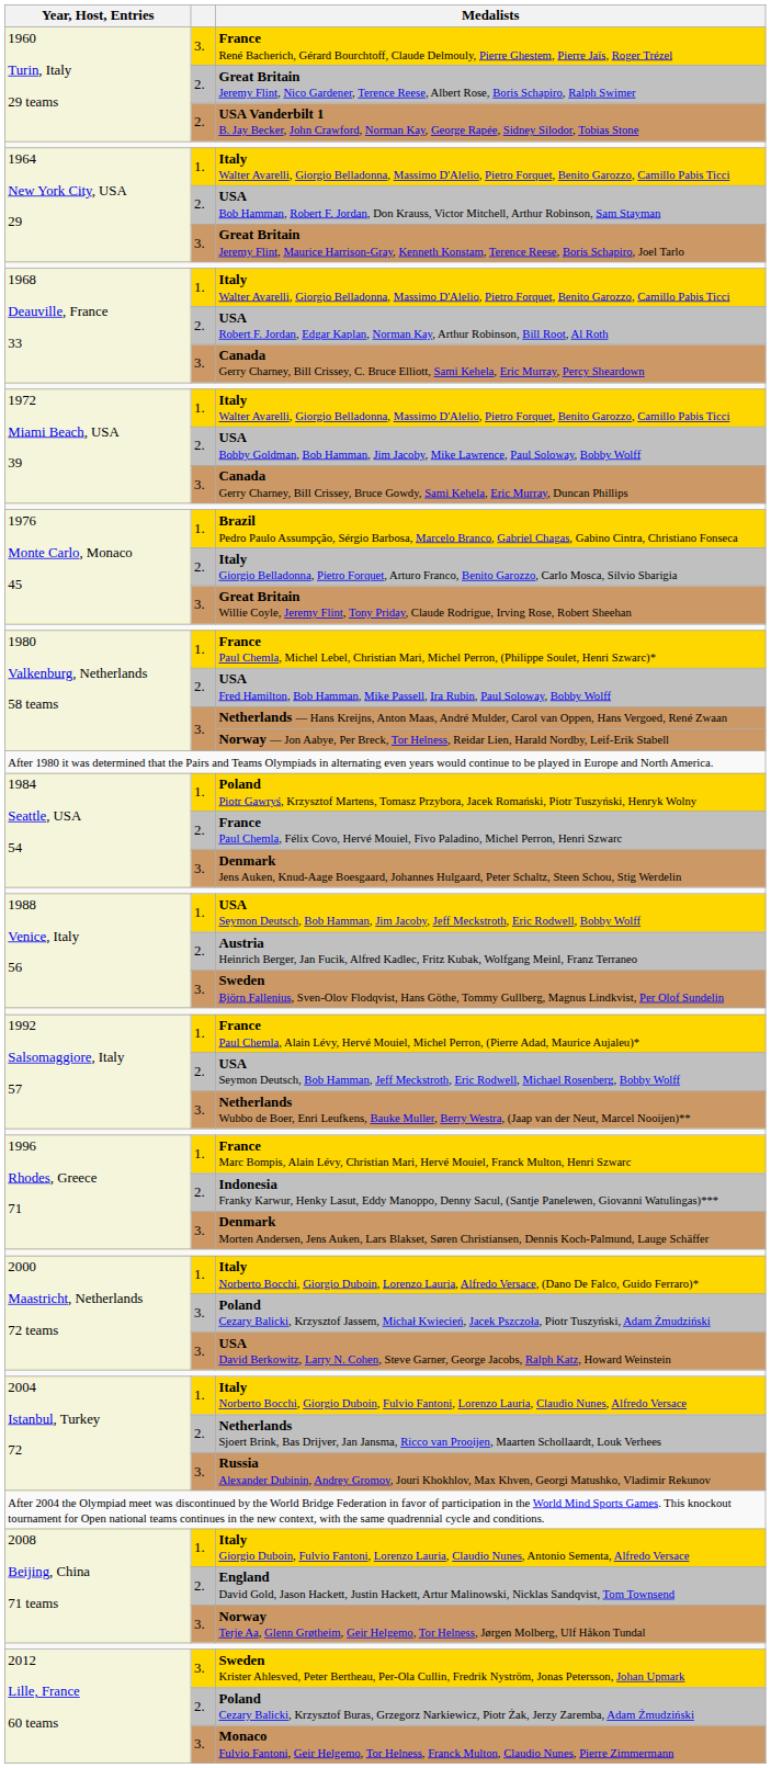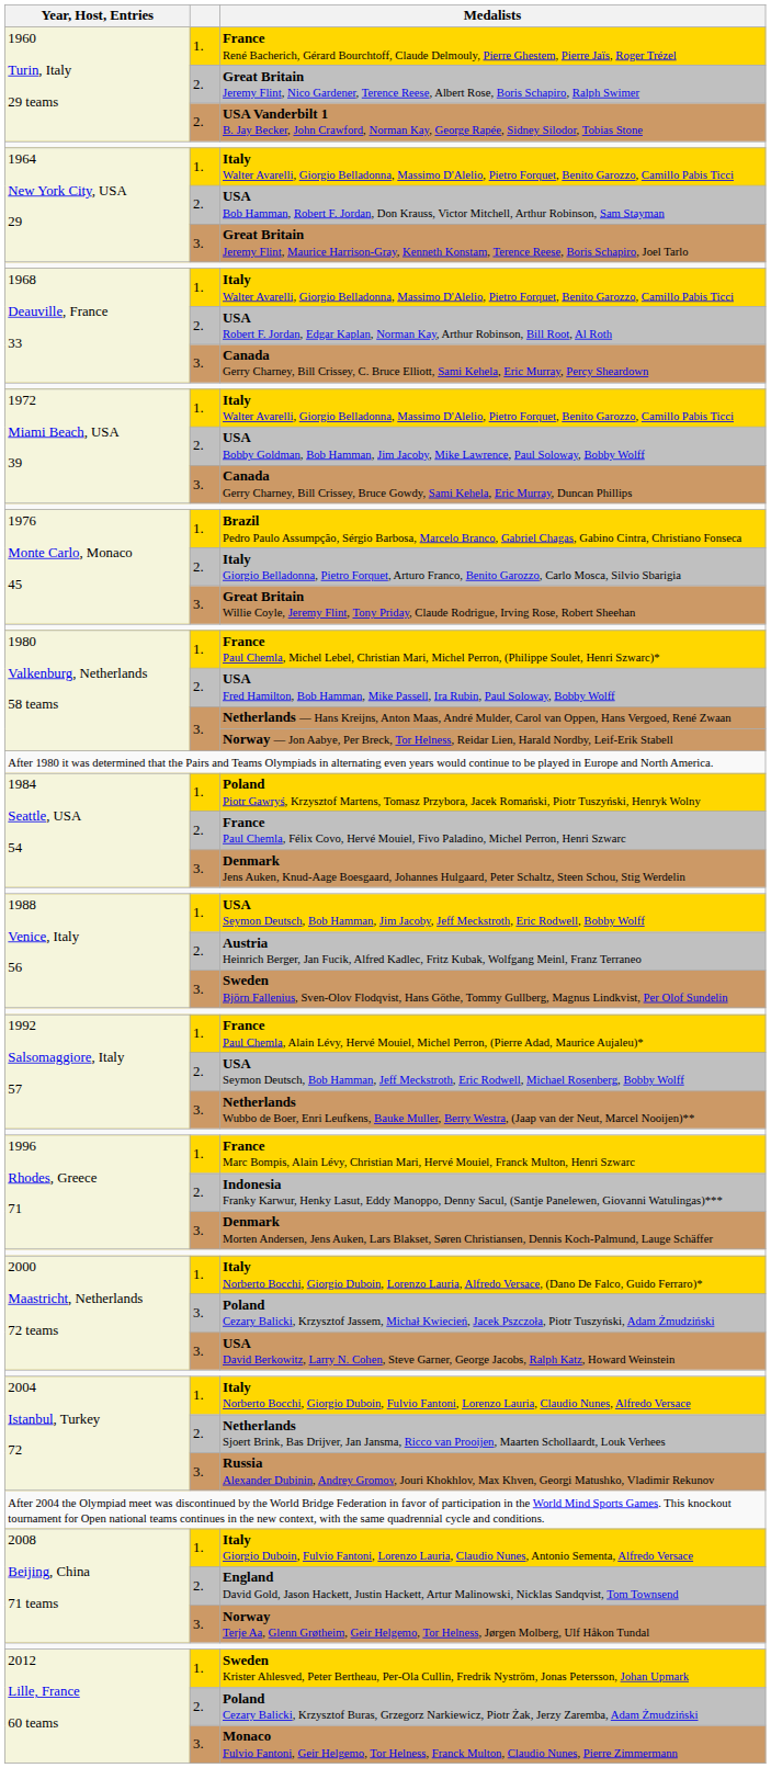 <table class=wikitable>
 <tr>
 <th>Year, Host, Entries</th>
 <th></th>
 <th>Medalists</th>
 </tr>
 <tr style="background:gold;">
 <td rowspan=3 bgcolor="beige" valign="Top">1960<br><br><a href='#'>Turin</a>, Italy <br> <br>29 teams</td>
-<td>3.</td>
+<td>1. </td>
 <td> <strong>France</strong> <br><small>René Bacherich, Gérard Bourchtoff, Claude Delmouly, <a href='#'>Pierre Ghestem</a>, <a href='#'>Pierre Jaïs</a>, <a href='#'>Roger Trézel</a></small></td>
 </tr>
 <tr style="background:silver;">
 <td>2.</td>
 <td> <strong>Great Britain</strong> <br><small><a href='#'>Jeremy Flint</a>, <a href='#'>Nico Gardener</a>, <a href='#'>Terence Reese</a>, Albert Rose, <a href='#'>Boris Schapiro</a>, <a href='#'>Ralph Swimer</a></small></td>
 </tr>
 <tr style="background:#c96;">
 <td>2.</td>
 <td> <strong>USA Vanderbilt 1</strong> <br><small><a href='#'>B. Jay Becker</a>, <a href='#'>John Crawford</a>, <a href='#'>Norman Kay</a>, <a href='#'>George Rapée</a>, <a href='#'>Sidney Silodor</a>, <a href='#'>Tobias Stone</a></small></td>
 </tr>
 <tr>
 <td colspan=3></td>
 </tr>
 <tr style="background:gold;">
 <td rowspan=3 bgcolor="beige" valign="Top">1964<br><br><a href='#'>New York City</a>, USA <br> <br>29</td>
 <td>1.</td>
 <td> <strong>Italy</strong> <br><small><a href='#'>Walter Avarelli</a>, <a href='#'>Giorgio Belladonna</a>, <a href='#'>Massimo D'Alelio</a>, <a href='#'>Pietro Forquet</a>, <a href='#'>Benito Garozzo</a>, <a href='#'>Camillo Pabis Ticci</a></small></td>
 </tr>
 <tr style="background:silver;">
 <td>2.</td>
 <td> <strong>USA</strong> <br><small><a href='#'>Bob Hamman</a>, <a href='#'>Robert F. Jordan</a>, Don Krauss, Victor Mitchell, Arthur Robinson, <a href='#'>Sam Stayman</a></small></td>
 </tr>
 <tr style="background:#c96;">
 <td>3.</td>
 <td> <strong>Great Britain</strong> <br><small><a href='#'>Jeremy Flint</a>, <a href='#'>Maurice Harrison-Gray</a>, <a href='#'>Kenneth Konstam</a>, <a href='#'>Terence Reese</a>, <a href='#'>Boris Schapiro</a>, Joel Tarlo</small></td>
 </tr>
 <tr>
 <td colspan=3></td>
 </tr>
 <tr style="background:gold;">
 <td rowspan=3 bgcolor="beige" valign="Top">1968<br><br><a href='#'>Deauville</a>, France <br> <br>33</td>
 <td>1.</td>
 <td> <strong>Italy</strong> <br><small><a href='#'>Walter Avarelli</a>, <a href='#'>Giorgio Belladonna</a>, <a href='#'>Massimo D'Alelio</a>, <a href='#'>Pietro Forquet</a>, <a href='#'>Benito Garozzo</a>, <a href='#'>Camillo Pabis Ticci</a></small></td>
 </tr>
 <tr style="background:silver;">
 <td>2.</td>
 <td> <strong>USA</strong> <br><small><a href='#'>Robert F. Jordan</a>, <a href='#'>Edgar Kaplan</a>, <a href='#'>Norman Kay</a>, Arthur Robinson, <a href='#'>Bill Root</a>, <a href='#'>Al Roth</a></small></td>
 </tr>
 <tr style="background:#c96;">
 <td>3.</td>
 <td> <strong>Canada</strong> <br><small>Gerry Charney, Bill Crissey, C. Bruce Elliott, <a href='#'>Sami Kehela</a>, <a href='#'>Eric Murray</a>, <a href='#'>Percy Sheardown</a></small></td>
 </tr>
 <tr>
 <td colspan=3></td>
 </tr>
 <tr style="background:gold;">
 <td rowspan=3 bgcolor="beige" valign="Top">1972<br><br><a href='#'>Miami Beach</a>, USA <br> <br>39</td>
 <td>1.</td>
 <td> <strong>Italy</strong> <br><small><a href='#'>Walter Avarelli</a>, <a href='#'>Giorgio Belladonna</a>, <a href='#'>Massimo D'Alelio</a>, <a href='#'>Pietro Forquet</a>, <a href='#'>Benito Garozzo</a>, <a href='#'>Camillo Pabis Ticci</a></small></td>
 </tr>
 <tr style="background:silver;">
 <td>2.</td>
 <td> <strong>USA</strong> <br><small><a href='#'>Bobby Goldman</a>, <a href='#'>Bob Hamman</a>, <a href='#'>Jim Jacoby</a>, <a href='#'>Mike Lawrence</a>, <a href='#'>Paul Soloway</a>, <a href='#'>Bobby Wolff</a></small></td>
 </tr>
 <tr style="background:#c96;">
 <td>3.</td>
 <td> <strong>Canada</strong> <br><small>Gerry Charney, Bill Crissey, Bruce Gowdy, <a href='#'>Sami Kehela</a>, <a href='#'>Eric Murray</a>, Duncan Phillips</small></td>
 </tr>
 <tr>
 <td colspan=3></td>
 </tr>
 <tr style="background:gold;">
 <td rowspan=3 bgcolor="beige" valign="Top">1976<br><br><a href='#'>Monte Carlo</a>, Monaco <br> <br>45</td>
 <td>1.</td>
 <td> <strong>Brazil</strong> <br><small>Pedro Paulo Assumpção, Sérgio Barbosa, <a href='#'>Marcelo Branco</a>, <a href='#'>Gabriel Chagas</a>, Gabino Cintra, Christiano Fonseca</small></td>
 </tr>
 <tr style="background:silver;">
 <td>2.</td>
 <td> <strong>Italy</strong> <br><small><a href='#'>Giorgio Belladonna</a>, <a href='#'>Pietro Forquet</a>, Arturo Franco, <a href='#'>Benito Garozzo</a>, Carlo Mosca, Silvio Sbarigia</small></td>
 </tr>
 <tr style="background:#c96;">
 <td>3.</td>
 <td> <strong>Great Britain</strong> <br><small>Willie Coyle, <a href='#'>Jeremy Flint</a>, <a href='#'>Tony Priday</a>, Claude Rodrigue, Irving Rose, Robert Sheehan</small></td>
 </tr>
 <tr>
 <td colspan=3></td>
 </tr>
 <tr style="background:gold;">
 <td rowspan=4 bgcolor="beige" valign="Top">1980<br><br><a href='#'>Valkenburg</a>, Netherlands <br> <br>58 teams</td>
 <td>1.</td>
 <td> <strong>France</strong> <br><small><a href='#'>Paul Chemla</a>, Michel Lebel, Christian Mari, Michel Perron, (Philippe Soulet, Henri Szwarc)*</small></td>
 </tr>
 <tr style="background:silver;">
 <td>2.</td>
 <td> <strong>USA</strong> <br><small><a href='#'>Fred Hamilton</a>, <a href='#'>Bob Hamman</a>, <a href='#'>Mike Passell</a>, <a href='#'>Ira Rubin</a>, <a href='#'>Paul Soloway</a>, <a href='#'>Bobby Wolff</a></small></td>
 </tr>
 <tr style="background:#c96;">
 <td rowspan=2>3.</td>
 <td> <strong>Netherlands</strong> <small>— Hans Kreijns, Anton Maas, André Mulder, Carol van Oppen, Hans Vergoed, René Zwaan</small></td>
 </tr>
 <tr style="background:#c96;">
 <td> <strong>Norway</strong> <small>— Jon Aabye, Per Breck, <a href='#'>Tor Helness</a>, Reidar Lien, Harald Nordby, Leif-Erik Stabell</small></td>
 </tr>
 <tr>
 <td colspan=3><small>After 1980 it was determined that the Pairs and Teams Olympiads in alternating even years would continue to be played in Europe and North America.</small></td>
 </tr>
 <tr style="background:gold;">
 <td rowspan=3 bgcolor="beige" valign="Top">1984<br><br><a href='#'>Seattle</a>, USA <br> <br>54</td>
 <td>1.</td>
 <td> <strong>Poland</strong> <br><small><a href='#'>Piotr Gawryś</a>, Krzysztof Martens, Tomasz Przybora, Jacek Romański, Piotr Tuszyński, Henryk Wolny</small></td>
 </tr>
 <tr style="background:silver;">
 <td>2.</td>
 <td> <strong>France</strong> <br><small><a href='#'>Paul Chemla</a>, Félix Covo, Hervé Mouiel, Fivo Paladino, Michel Perron, Henri Szwarc</small></td>
 </tr>
 <tr style="background:#c96;">
 <td>3.</td>
 <td> <strong>Denmark</strong> <br><small>Jens Auken, Knud-Aage Boesgaard, Johannes Hulgaard, Peter Schaltz, Steen Schou, Stig Werdelin</small></td>
 </tr>
 <tr>
 <td colspan=3></td>
 </tr>
 <tr style="background:gold;">
 <td rowspan=3 bgcolor="beige" valign="Top">1988<br><br><a href='#'>Venice</a>, Italy <br> <br>56</td>
 <td>1.</td>
 <td> <strong>USA</strong> <br><small><a href='#'>Seymon Deutsch</a>, <a href='#'>Bob Hamman</a>, <a href='#'>Jim Jacoby</a>, <a href='#'>Jeff Meckstroth</a>, <a href='#'>Eric Rodwell</a>, <a href='#'>Bobby Wolff</a></small></td>
 </tr>
 <tr style="background:silver;">
 <td>2.</td>
 <td> <strong>Austria</strong> <br><small>Heinrich Berger, Jan Fucik, Alfred Kadlec, Fritz Kubak, Wolfgang Meinl, Franz Terraneo</small></td>
 </tr>
 <tr style="background:#c96;">
 <td>3.</td>
 <td> <strong>Sweden</strong> <br><small><a href='#'>Björn Fallenius</a>, Sven-Olov Flodqvist, Hans Göthe, Tommy Gullberg, Magnus Lindkvist, <a href='#'>Per Olof Sundelin</a></small></td>
 </tr>
 <tr>
 <td colspan=3></td>
 </tr>
 <tr style="background:gold;">
 <td rowspan=3 bgcolor="beige" valign="Top">1992<br><br><a href='#'>Salsomaggiore</a>, Italy <br> <br>57</td>
 <td>1.</td>
 <td> <strong>France</strong> <br><small><a href='#'>Paul Chemla</a>, Alain Lévy, Hervé Mouiel, Michel Perron, (Pierre Adad, Maurice Aujaleu)*</small></td>
 </tr>
 <tr style="background:silver;">
 <td>2.</td>
 <td> <strong>USA</strong> <br><small>Seymon Deutsch, <a href='#'>Bob Hamman</a>, <a href='#'>Jeff Meckstroth</a>, <a href='#'>Eric Rodwell</a>, <a href='#'>Michael Rosenberg</a>, <a href='#'>Bobby Wolff</a></small></td>
 </tr>
 <tr style="background:#c96;">
 <td>3.</td>
 <td> <strong>Netherlands</strong> <br><small>Wubbo de Boer, Enri Leufkens, <a href='#'>Bauke Muller</a>, <a href='#'>Berry Westra</a>, (Jaap van der Neut, Marcel Nooijen)**</small></td>
 </tr>
 <tr>
 <td colspan=3></td>
 </tr>
 <tr style="background:gold;">
 <td rowspan=3 bgcolor="beige" valign="Top">1996<br><br><a href='#'>Rhodes</a>, Greece <br> <br>71</td>
 <td>1.</td>
 <td> <strong>France</strong> <br><small>Marc Bompis, Alain Lévy, Christian Mari, Hervé Mouiel, Franck Multon, Henri Szwarc</small></td>
 </tr>
 <tr style="background:silver;">
 <td>2.</td>
 <td> <strong>Indonesia</strong> <br><small>Franky Karwur, Henky Lasut, Eddy Manoppo, Denny Sacul, (Santje Panelewen, Giovanni Watulingas)***</small></td>
 </tr>
 <tr style="background:#c96;">
 <td>3.</td>
 <td> <strong>Denmark</strong> <br><small>Morten Andersen, Jens Auken, Lars Blakset, Søren Christiansen, Dennis Koch-Palmund, Lauge Schäffer</small></td>
 </tr>
 <tr>
 <td colspan=3></td>
 </tr>
 <tr style="background:gold;">
 <td rowspan=3 bgcolor="beige" valign="Top">2000<br><br><a href='#'>Maastricht</a>, Netherlands <br> <br>72 teams</td>
 <td>1.</td>
 <td> <strong>Italy</strong> <br><small><a href='#'>Norberto Bocchi</a>, <a href='#'>Giorgio Duboin</a>, <a href='#'>Lorenzo Lauria</a>, <a href='#'>Alfredo Versace</a>, (Dano De Falco, Guido Ferraro)*</small></td>
 </tr>
 <tr style="background:silver;">
 <td>3.</td>
 <td> <strong>Poland</strong> <br><small><a href='#'>Cezary Balicki</a>, Krzysztof Jassem, <a href='#'>Michał Kwiecień</a>, <a href='#'>Jacek Pszczoła</a>, Piotr Tuszyński, <a href='#'>Adam Żmudziński</a></small></td>
 </tr>
 <tr style="background:#c96;">
 <td>3.</td>
 <td> <strong>USA</strong> <br><small><a href='#'>David Berkowitz</a>, <a href='#'>Larry N. Cohen</a>, Steve Garner, George Jacobs, <a href='#'>Ralph Katz</a>, Howard Weinstein</small></td>
 </tr>
 <tr>
 <td colspan=3></td>
 </tr>
 <tr style="background:gold;">
 <td rowspan=3 bgcolor="beige" valign="Top">2004<br><br><a href='#'>Istanbul</a>, Turkey <br> <br>72</td>
 <td>1.</td>
 <td> <strong>Italy</strong> <br><small><a href='#'>Norberto Bocchi</a>, <a href='#'>Giorgio Duboin</a>, <a href='#'>Fulvio Fantoni</a>, <a href='#'>Lorenzo Lauria</a>, <a href='#'>Claudio Nunes</a>, <a href='#'>Alfredo Versace</a></small></td>
 </tr>
 <tr style="background:silver;">
 <td>2.</td>
 <td> <strong>Netherlands</strong> <br><small>Sjoert Brink, Bas Drijver, Jan Jansma, <a href='#'>Ricco van Prooijen</a>, Maarten Schollaardt, Louk Verhees</small></td>
 </tr>
 <tr style="background:#c96;">
 <td>3.</td>
 <td> <strong>Russia</strong> <br><small><a href='#'>Alexander Dubinin</a>, <a href='#'>Andrey Gromov</a>, Jouri Khokhlov, Max Khven, Georgi Matushko, Vladimir Rekunov</small></td>
 </tr>
 <tr>
 <td colspan=3><small>After 2004 the Olympiad meet was discontinued by the World Bridge Federation in favor of participation in the <a href='#'>World Mind Sports Games</a>. This knockout tournament for Open national teams continues in the new context, with the same quadrennial cycle and conditions.</small></td>
 </tr>
 <tr style="background:gold;">
 <td rowspan="3"  style="background:beige; vertical-align:Top;">2008<br><br><a href='#'>Beijing</a>, China <br> <br>71 teams</td>
 <td>1.</td>
 <td> <strong>Italy</strong> <br><small><a href='#'>Giorgio Duboin</a>, <a href='#'>Fulvio Fantoni</a>, <a href='#'>Lorenzo Lauria</a>, <a href='#'>Claudio Nunes</a>, Antonio Sementa, <a href='#'>Alfredo Versace</a></small></td>
 </tr>
 <tr style="background:silver;">
 <td>2.</td>
 <td> <strong>England</strong> <br><small>David Gold, Jason Hackett, Justin Hackett, Artur Malinowski, Nicklas Sandqvist, <a href='#'>Tom Townsend</a></small></td>
 </tr>
 <tr style="background:#c96;">
 <td>3.</td>
 <td> <strong>Norway</strong> <br><small><a href='#'>Terje Aa</a>, <a href='#'>Glenn Grøtheim</a>, <a href='#'>Geir Helgemo</a>, <a href='#'>Tor Helness</a>, Jørgen Molberg, Ulf Håkon Tundal</small></td>
 </tr>
 <tr>
 <td colspan=3></td>
 </tr>
 <tr style="background:gold;">
 <td rowspan="3"  style="background:beige; vertical-align:Top;">2012<br><br> <a href='#'>Lille, France</a> <br> <br> 60 teams</td>
-<td>3.</td>
+<td>1.</td>
 <td> <strong>Sweden</strong> <br><small>Krister Ahlesved, Peter Bertheau, Per-Ola Cullin, Fredrik Nyström, Jonas Petersson, <a href='#'>Johan Upmark</a></small></td>
 </tr>
 <tr style="background:silver;">
 <td>2.</td>
 <td> <strong>Poland</strong> <br><small><a href='#'>Cezary Balicki</a>, Krzysztof Buras, Grzegorz Narkiewicz, Piotr Żak, Jerzy Zaremba, <a href='#'>Adam Żmudziński</a></small> </td>
 </tr>
 <tr style="background:#c96;">
 <td>3.</td>
 <td> <strong>Monaco</strong> <br><small><a href='#'>Fulvio Fantoni</a>, <a href='#'>Geir Helgemo</a>, <a href='#'>Tor Helness</a>, <a href='#'>Franck Multon</a>, <a href='#'>Claudio Nunes</a>, <a href='#'>Pierre Zimmermann</a></small><br></td>
 </tr>
 </table>
